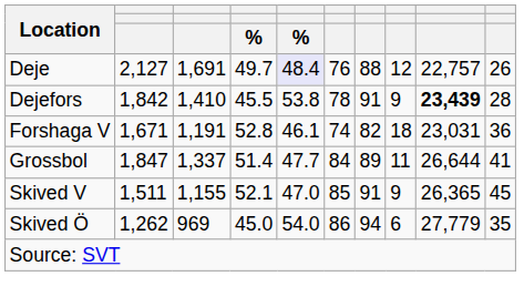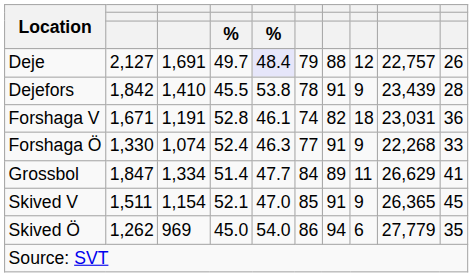 <table role="presentation" class="wikitable sortable mw-collapsible">
 <tr>
 <th rowspan="3">Location</th>
 <th></th>
 <th></th>
 <th></th>
 <th></th>
 <th></th>
 <th></th>
 <th></th>
 <th></th>
 <th></th>
 </tr>
 <tr>
 <th></th>
 <th></th>
 <th style="background:"></th>
 <th style="background:"></th>
 <th></th>
 <th></th>
 <th></th>
 <th></th>
 <th></th>
 </tr>
 <tr>
 <th data-sort-type="number"></th>
 <th data-sort-type="number"></th>
 <th data-sort-type="number">%</th>
 <th data-sort-type="number">%</th>
 <th data-sort-type="number"></th>
 <th data-sort-type="number"></th>
 <th data-sort-type="number"></th>
 <th data-sort-type="number"></th>
 <th data-sort-type="number"></th>
 </tr>
 <tr>
 <td align="left">Deje</td>
 <td>2,127</td>
 <td>1,691</td>
 <td>49.7</td>
 <td style="background: lavender;">48.4</td>
-<td>76</td>
+<td>79</td>
 <td>88</td>
 <td>12</td>
 <td>22,757</td>
 <td>26</td>
 </tr>
 <tr>
 <td align="left">Dejefors</td>
 <td>1,842</td>
 <td>1,410</td>
 <td>45.5</td>
 <td>53.8</td>
 <td>78</td>
 <td>91</td>
 <td>9</td>
-<td><strong>23,439</strong></td>
+<td>23,439</td>
 <td>28</td>
 </tr>
 <tr>
 <td align="left">Forshaga V</td>
 <td>1,671</td>
 <td>1,191</td>
 <td>52.8</td>
 <td>46.1</td>
 <td>74</td>
 <td>82</td>
 <td>18</td>
 <td>23,031</td>
 <td>36</td>
 </tr>
 <tr>
+<td align="left">Forshaga Ö</td>
+<td>1,330</td>
+<td>1,074</td>
+<td>52.4</td>
+<td>46.3</td>
+<td>77</td>
+<td>91</td>
+<td>9</td>
+<td>22,268</td>
+<td>33</td>
+</tr>
+<tr>
 <td align="left">Grossbol</td>
 <td>1,847</td>
-<td>1,337</td>
+<td>1,334</td>
 <td>51.4</td>
 <td>47.7</td>
 <td>84</td>
 <td>89</td>
 <td>11</td>
-<td>26,644</td>
+<td>26,629</td>
 <td>41</td>
 </tr>
 <tr>
 <td align="left">Skived V</td>
 <td>1,511</td>
-<td>1,155</td>
+<td>1,154</td>
 <td>52.1</td>
 <td>47.0</td>
 <td>85</td>
 <td>91</td>
 <td>9</td>
 <td>26,365</td>
 <td>45</td>
 </tr>
 <tr>
 <td align="left">Skived Ö</td>
 <td>1,262</td>
 <td>969</td>
 <td>45.0</td>
 <td>54.0</td>
 <td>86</td>
 <td>94</td>
 <td>6</td>
 <td>27,779</td>
 <td>35</td>
 </tr>
 <tr>
 <td colspan="10" align="left">Source: <a href='#'>SVT</a></td>
 </tr>
 </table>
